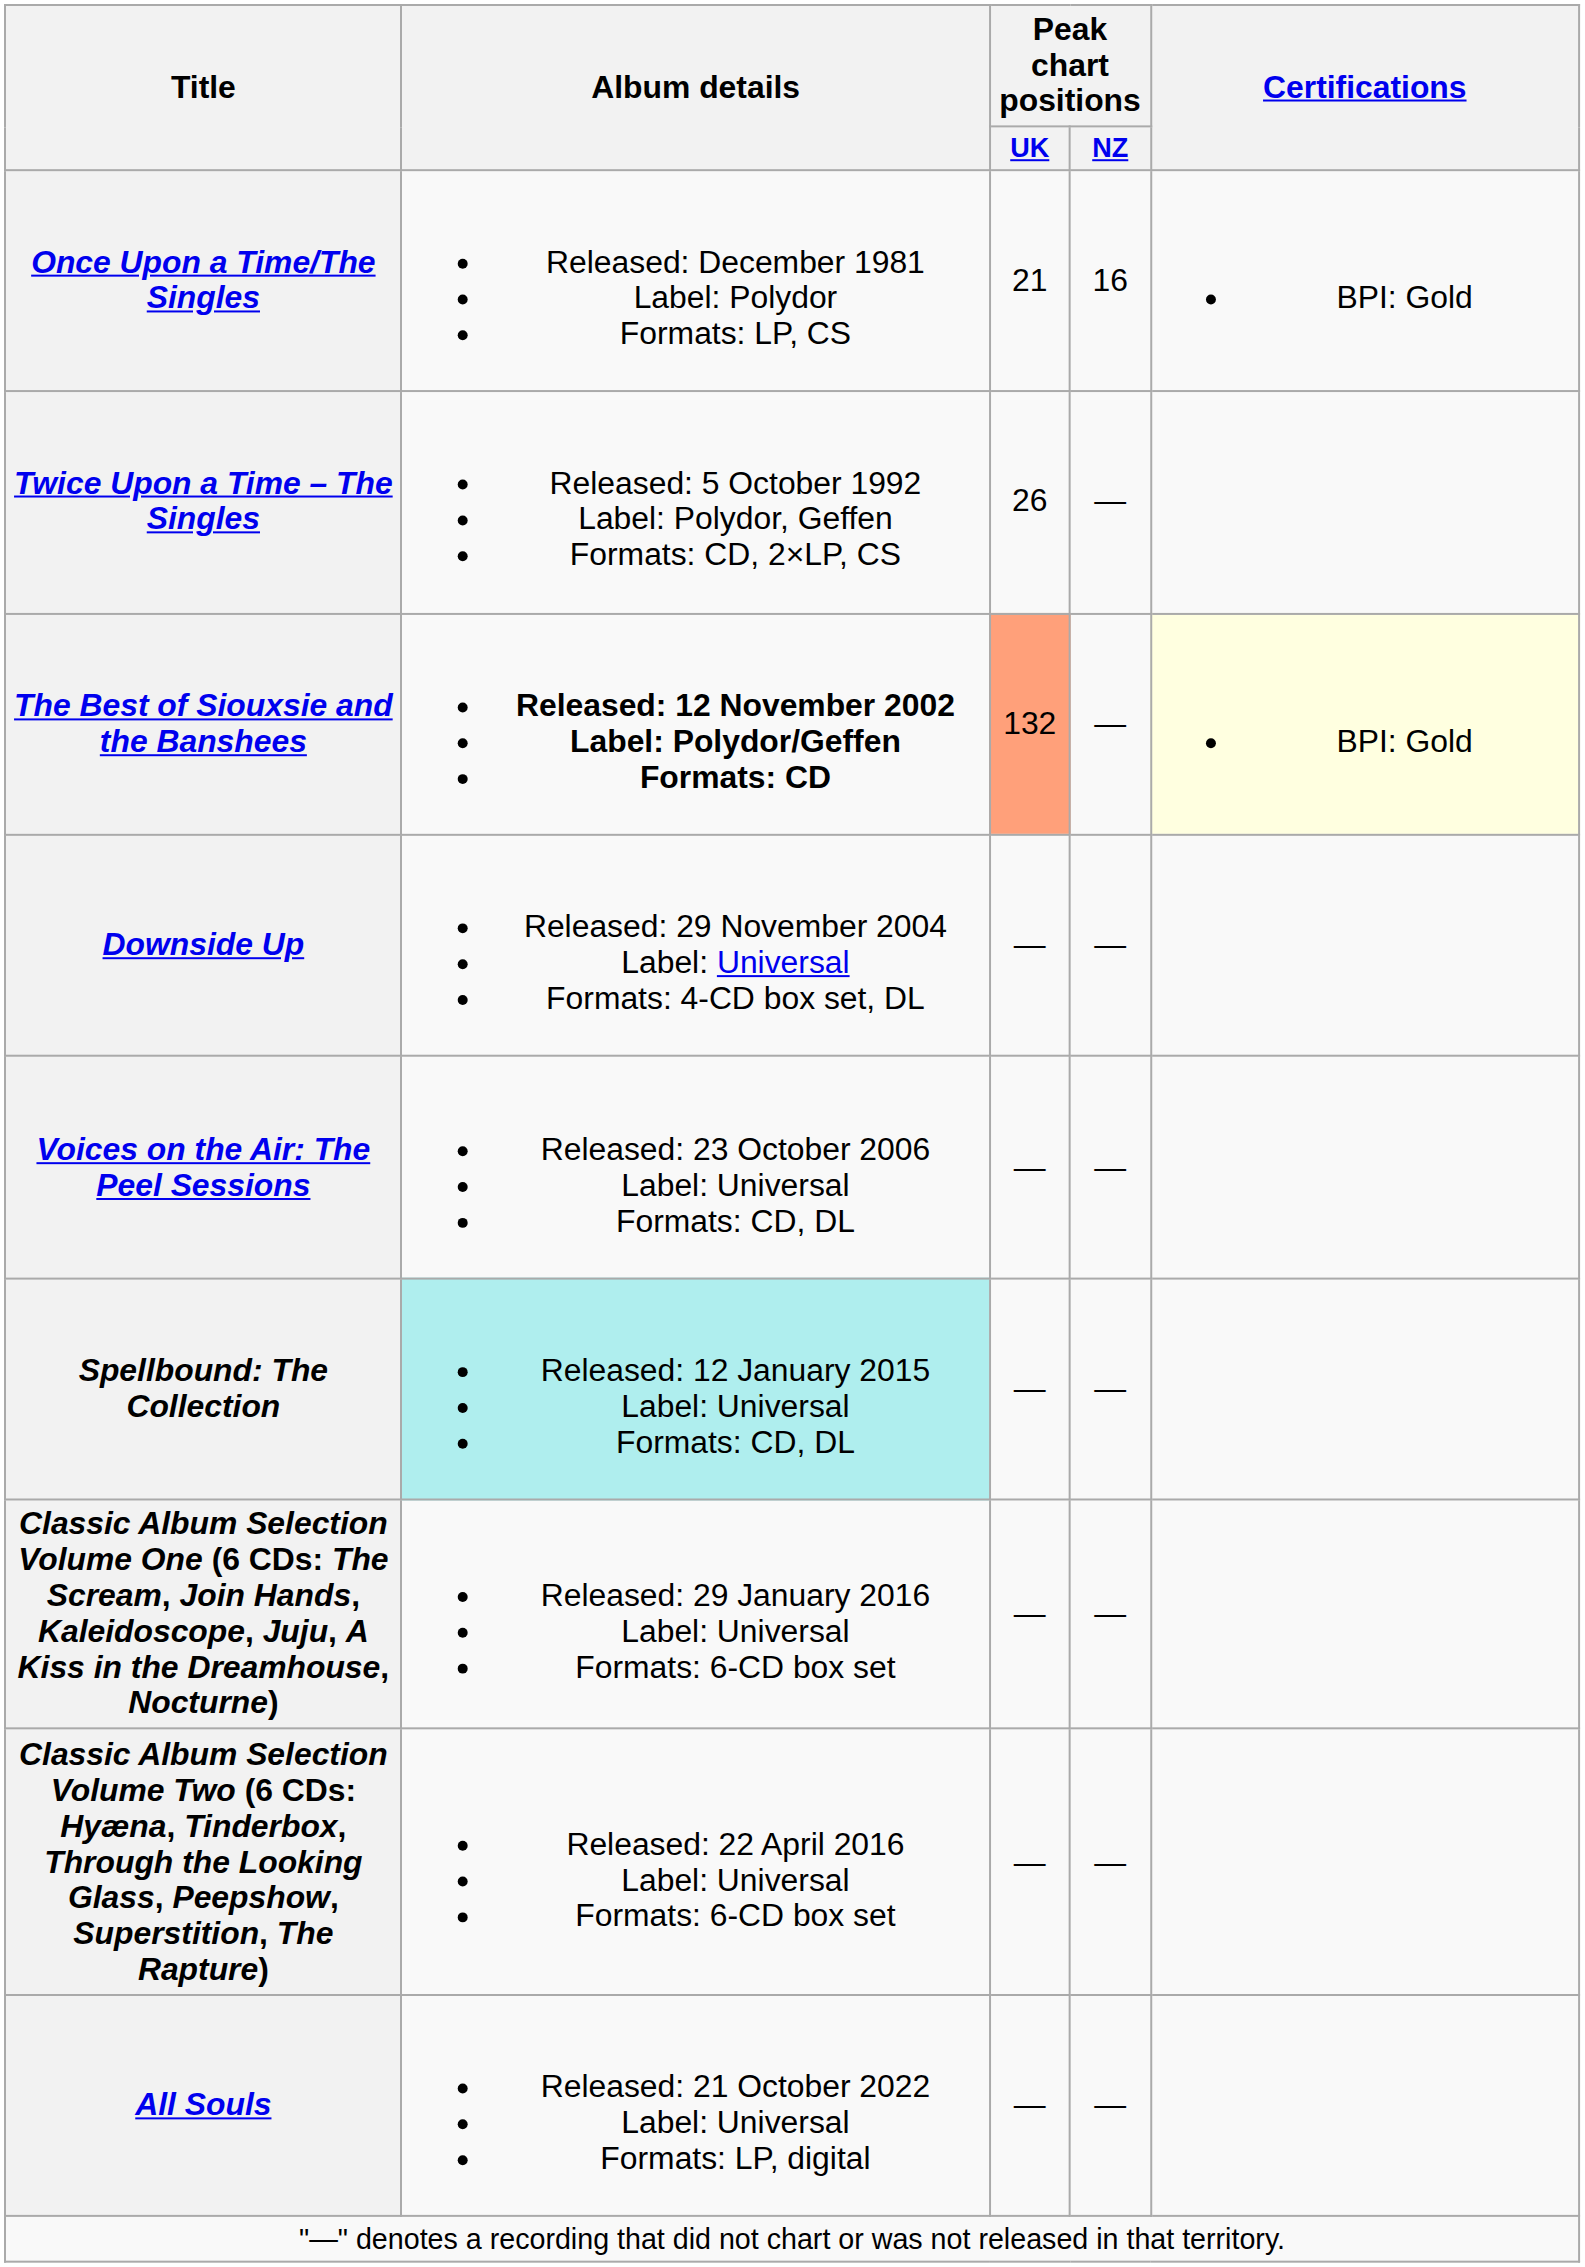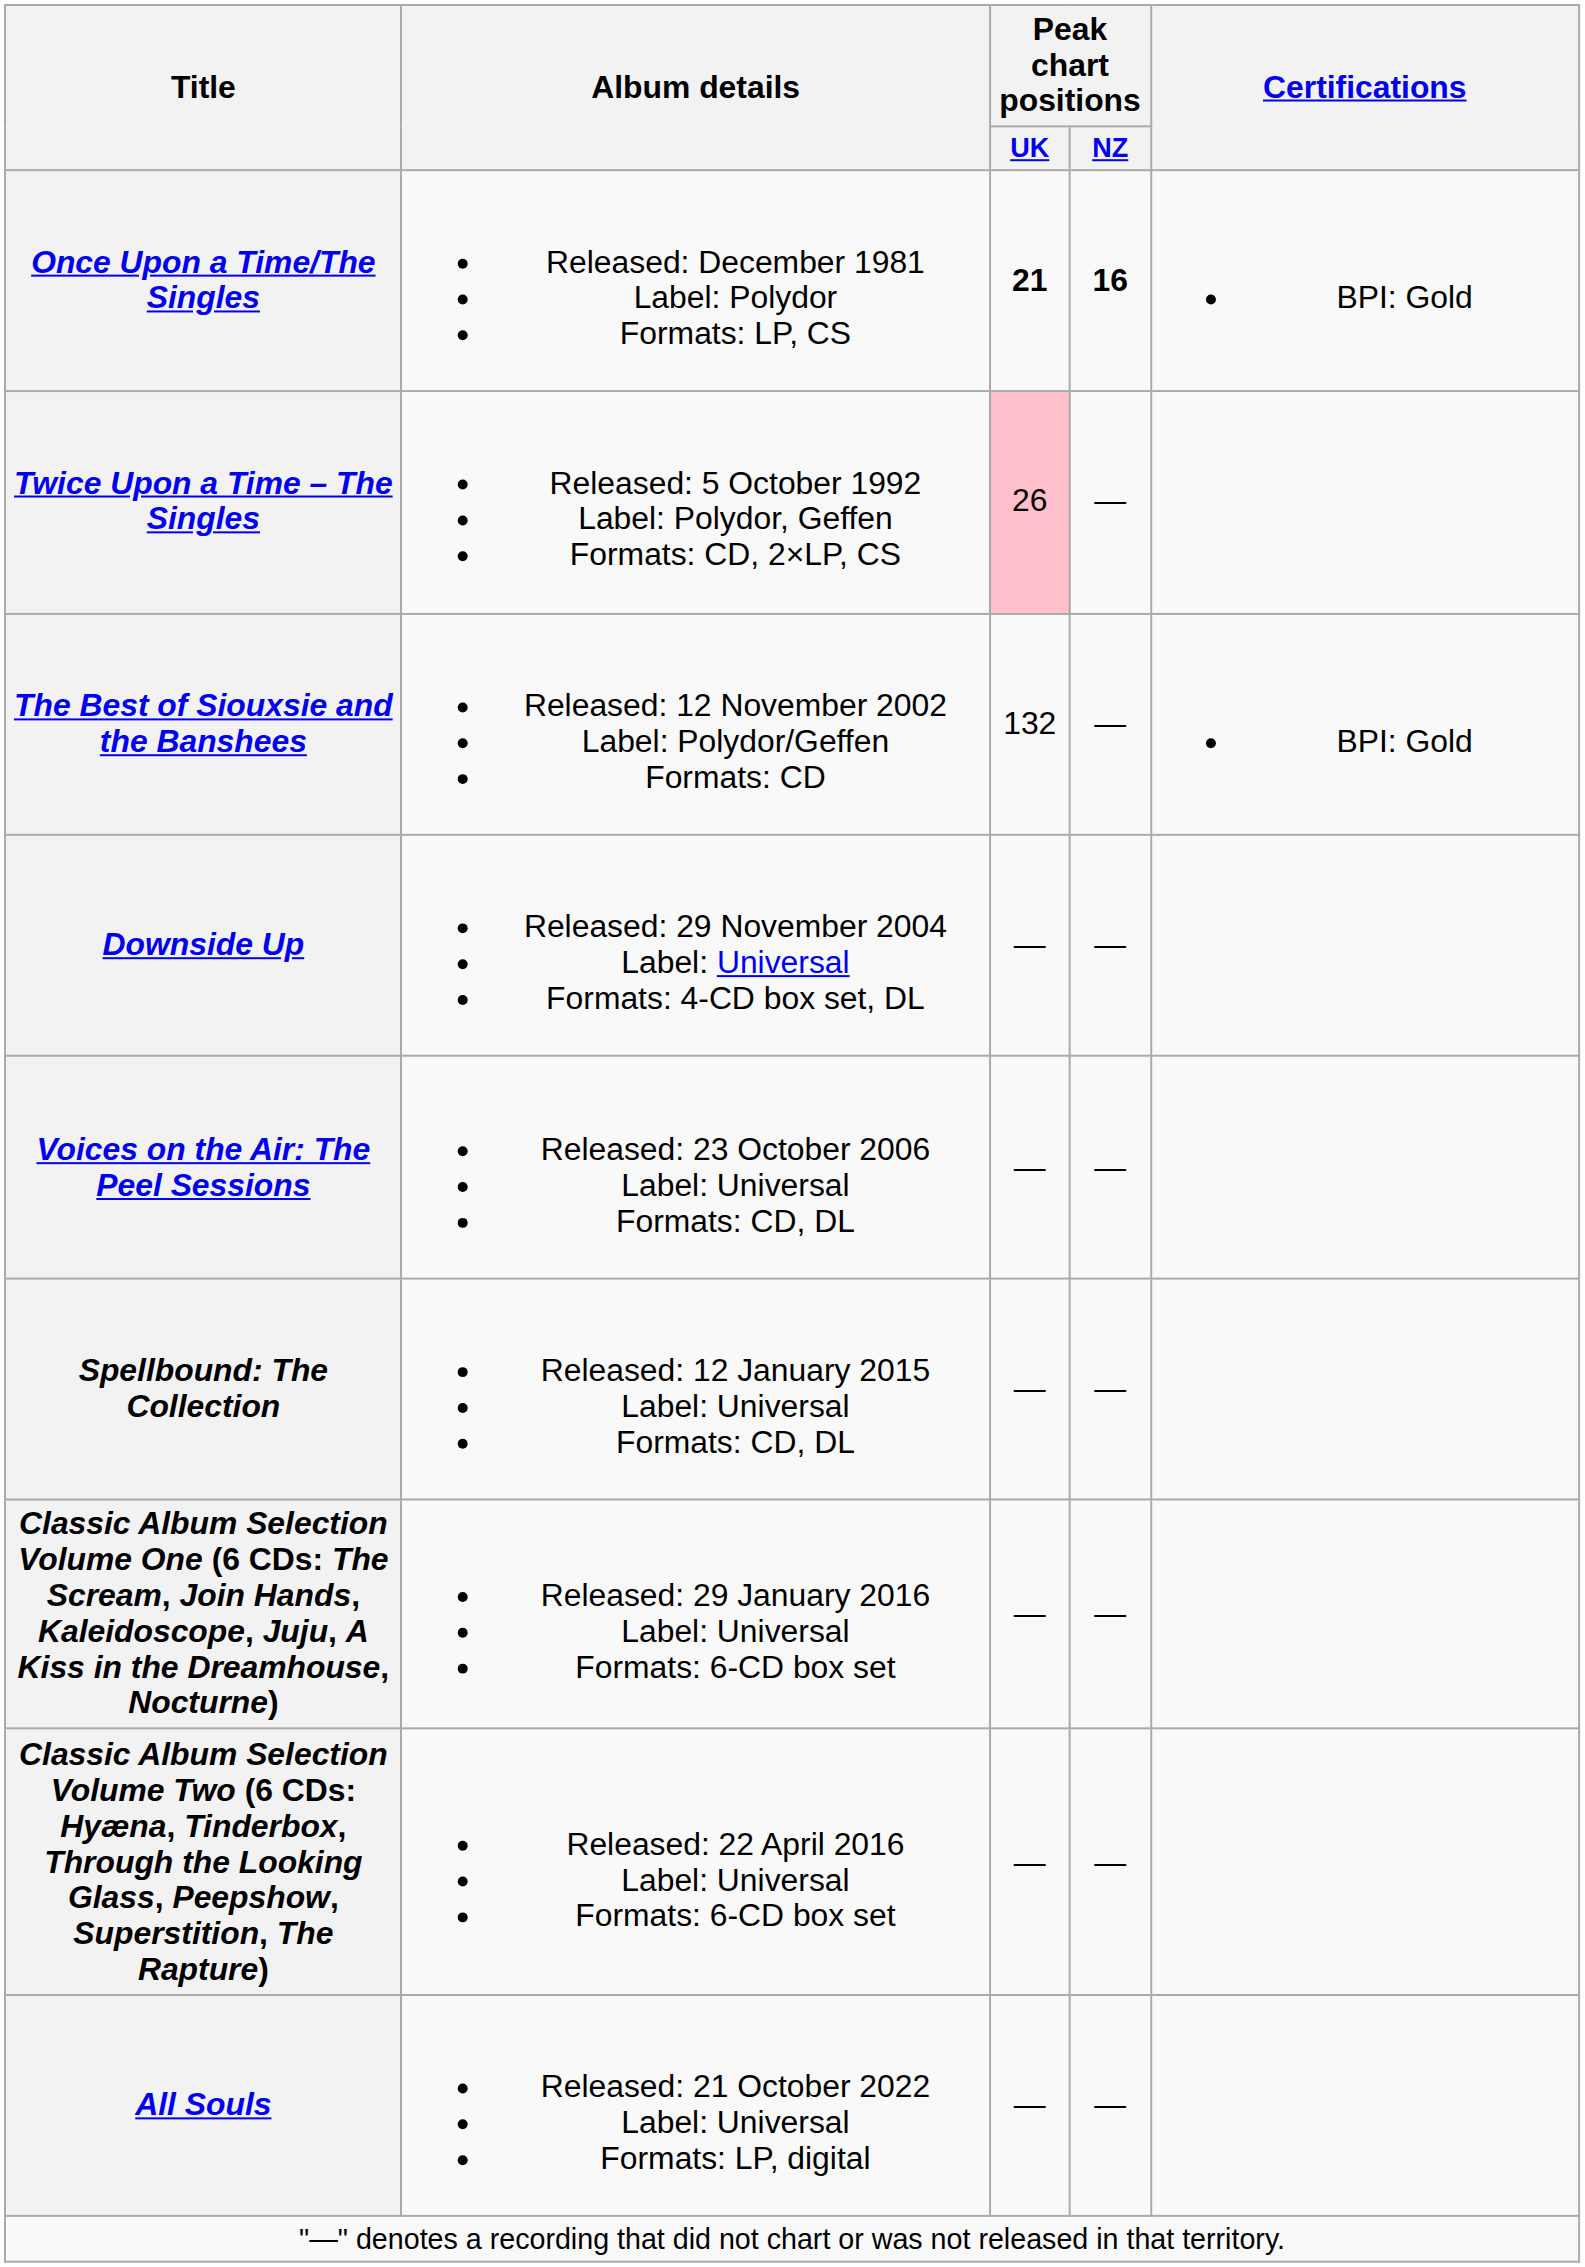 <table class="wikitable plainrowheaders" style="text-align:center;">
 <tr>
 <th scope="col" rowspan="2" style="width:12em;">Title</th>
 <th scope="col" rowspan="2" style="width:18em;">Album details</th>
 <th scope="col" colspan="2">Peak chart positions</th>
 <th scope="col" rowspan="2" style="width:13em;"><a href='#'>Certifications</a></th>
 </tr>
 <tr>
 <th scope="col" style="width:2.5em;font-size:85%;"><a href='#'>UK</a><br></th>
 <th scope="col" style="width:2.5em;font-size:85%;"><a href='#'>NZ</a><br></th>
 </tr>
 <tr>
 <th scope="row"><em><a href='#'>Once Upon a Time/The Singles</a></em></th>
 <td><br><ul><li>Released: December 1981</li><li>Label: Polydor</li><li>Formats: LP, CS</li></ul></td>
-<td>21</td>
-<td>16</td>
+<td><strong>21</strong></td>
+<td><strong>16</strong></td>
 <td><br><ul><li>BPI: Gold</li></ul></td>
 </tr>
 <tr>
 <th scope="row"><em><a href='#'>Twice Upon a Time – The Singles</a></em></th>
 <td><br><ul><li>Released: 5 October 1992</li><li>Label: Polydor, Geffen</li><li>Formats: CD, 2×LP, CS</li></ul></td>
-<td>26</td>
+<td style="background: pink;">26</td>
 <td>—</td>
 <td></td>
 </tr>
 <tr>
 <th scope="row"><em><a href='#'>The Best of Siouxsie and the Banshees</a></em></th>
-<td><strong><br><ul><li>Released: 12 November 2002</li><li>Label: Polydor/Geffen</li><li>Formats: CD</li></ul></strong></td>
-<td style="background: lightsalmon;">132</td>
+<td><br><ul><li>Released: 12 November 2002</li><li>Label: Polydor/Geffen</li><li>Formats: CD</li></ul></td>
+<td>132</td>
 <td>—</td>
-<td style="background: lightyellow;"><br><ul><li>BPI: Gold</li></ul></td>
+<td><br><ul><li>BPI: Gold</li></ul></td>
 </tr>
 <tr>
 <th scope="row"><em><a href='#'>Downside Up</a></em></th>
 <td><br><ul><li>Released: 29 November 2004</li><li>Label: <a href='#'>Universal</a></li><li>Formats: 4-CD box set, DL</li></ul></td>
 <td>—</td>
 <td>—</td>
 <td></td>
 </tr>
 <tr>
 <th scope="row"><em><a href='#'>Voices on the Air: The Peel Sessions</a></em></th>
 <td><br><ul><li>Released: 23 October 2006</li><li>Label: Universal</li><li>Formats: CD, DL</li></ul></td>
 <td>—</td>
 <td>—</td>
 <td></td>
 </tr>
 <tr>
 <th scope="row"><em>Spellbound: The Collection</em></th>
-<td style="background: paleturquoise;"><br><ul><li>Released: 12 January 2015</li><li>Label: Universal</li><li>Formats: CD, DL</li></ul></td>
+<td><br><ul><li>Released: 12 January 2015</li><li>Label: Universal</li><li>Formats: CD, DL</li></ul></td>
 <td>—</td>
 <td>—</td>
 <td></td>
 </tr>
 <tr>
 <th scope="row"><em>Classic Album Selection Volume One</em> (6 CDs: <em>The Scream</em>, <em>Join Hands</em>, <em>Kaleidoscope</em>, <em>Juju</em>, <em>A Kiss in the Dreamhouse</em>, <em>Nocturne</em>)</th>
 <td><br><ul><li>Released: 29 January 2016</li><li>Label: Universal</li><li>Formats: 6-CD box set</li></ul></td>
 <td>—</td>
 <td>—</td>
 <td></td>
 </tr>
 <tr>
 <th scope="row"><em>Classic Album Selection Volume Two</em> (6 CDs: <em>Hyæna</em>, <em>Tinderbox</em>, <em>Through the Looking Glass</em>, <em>Peepshow</em>, <em>Superstition</em>, <em>The Rapture</em>)</th>
 <td><br><ul><li>Released: 22 April 2016</li><li>Label: Universal</li><li>Formats: 6-CD box set</li></ul></td>
 <td>—</td>
 <td>—</td>
 <td></td>
 </tr>
 <tr>
 <th scope="row"><em><a href='#'>All Souls</a></em></th>
 <td><br><ul><li>Released: 21 October 2022</li><li>Label: Universal</li><li>Formats: LP, digital</li></ul></td>
 <td>—</td>
 <td>—</td>
 <td></td>
 </tr>
 <tr>
 <td colspan="6" style="font-size:90%">"—" denotes a recording that did not chart or was not released in that territory.</td>
 </tr>
 </table>
